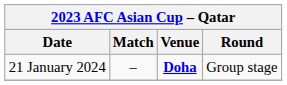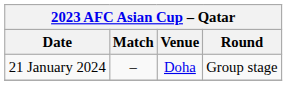 <table class="wikitable" style="margin:1em auto 1em auto; text-align:center; font-size:small;">
 <tr>
 <th colspan="4"><a href='#'>2023 AFC Asian Cup</a> – Qatar</th>
 </tr>
 <tr>
 <th>Date</th>
 <th>Match</th>
 <th>Venue</th>
 <th>Round</th>
 </tr>
 <tr>
 <td>21 January 2024</td>
 <td> – </td>
-<td><strong><a href='#'>Doha</a></strong></td>
+<td><a href='#'>Doha</a></td>
 <td>Group stage</td>
 </tr>
 <tr>
 </tr>
 </table>
